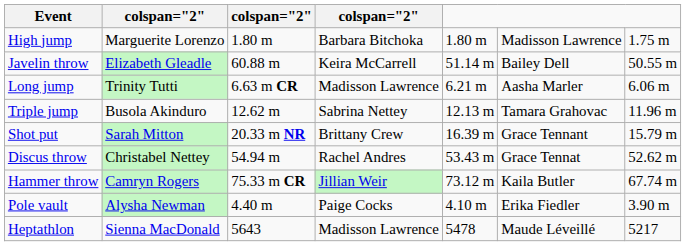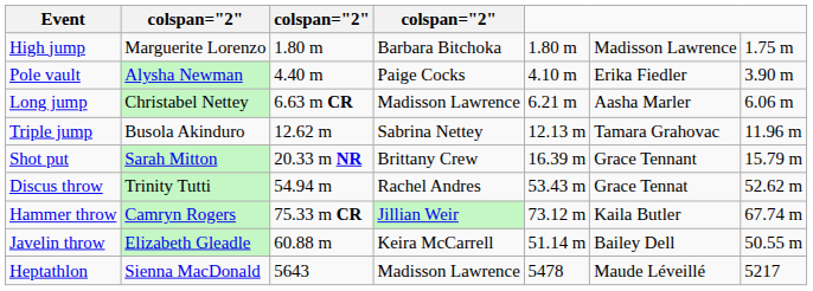 <table class="wikitable">
 <tr>
 <th>Event</th>
 <th>colspan="2" </th>
 <th>colspan="2" </th>
 <th>colspan="2" </th>
 </tr>
 <tr>
 <td><a href='#'>High jump</a></td>
 <td>Marguerite Lorenzo</td>
 <td>1.80 m</td>
 <td>Barbara Bitchoka</td>
 <td>1.80 m</td>
 <td>Madisson Lawrence</td>
 <td>1.75 m</td>
 </tr>
 <tr>
-<td><a href='#'>Javelin throw</a></td>
-<td bgcolor=#C4F7C4><a href='#'>Elizabeth Gleadle</a></td>
-<td>60.88 m</td>
-<td>Keira McCarrell</td>
-<td>51.14 m</td>
-<td>Bailey Dell</td>
-<td>50.55 m</td>
+<td><a href='#'>Pole vault</a></td>
+<td bgcolor=#C4F7C4><a href='#'>Alysha Newman</a></td>
+<td>4.40 m</td>
+<td>Paige Cocks</td>
+<td>4.10 m</td>
+<td>Erika Fiedler</td>
+<td>3.90 m</td>
 </tr>
 <tr>
 <td><a href='#'>Long jump</a></td>
-<td bgcolor=#C4F7C4>Trinity Tutti</td>
+<td bgcolor=#C4F7C4>Christabel Nettey</td>
 <td>6.63 m <strong>CR</strong></td>
 <td>Madisson Lawrence</td>
 <td>6.21 m</td>
 <td>Aasha Marler</td>
 <td>6.06 m</td>
 </tr>
 <tr>
 <td><a href='#'>Triple jump</a></td>
 <td>Busola Akinduro</td>
 <td>12.62 m</td>
 <td>Sabrina Nettey</td>
 <td>12.13 m</td>
 <td>Tamara Grahovac</td>
 <td>11.96 m</td>
 </tr>
 <tr>
 <td><a href='#'>Shot put</a></td>
 <td bgcolor=#C4F7C4><a href='#'>Sarah Mitton</a></td>
 <td>20.33  m <strong><a href='#'>NR</a></strong></td>
 <td>Brittany Crew</td>
 <td>16.39 m</td>
 <td>Grace Tennant</td>
 <td>15.79 m</td>
 </tr>
 <tr>
 <td><a href='#'>Discus throw</a></td>
-<td bgcolor=#C4F7C4>Christabel Nettey</td>
+<td bgcolor=#C4F7C4>Trinity Tutti</td>
 <td>54.94 m</td>
 <td>Rachel Andres</td>
 <td>53.43 m</td>
 <td>Grace Tennat</td>
 <td>52.62 m</td>
 </tr>
 <tr>
 <td><a href='#'>Hammer throw</a></td>
 <td bgcolor=#C4F7C4><a href='#'>Camryn Rogers</a></td>
 <td>75.33 m <strong>CR</strong></td>
 <td bgcolor=#C4F7C4><a href='#'>Jillian Weir</a></td>
 <td>73.12 m</td>
 <td>Kaila Butler</td>
 <td>67.74 m</td>
 </tr>
 <tr>
-<td><a href='#'>Pole vault</a></td>
-<td bgcolor=#C4F7C4><a href='#'>Alysha Newman</a></td>
-<td>4.40 m</td>
-<td>Paige Cocks</td>
-<td>4.10 m</td>
-<td>Erika Fiedler</td>
-<td>3.90 m</td>
+<td><a href='#'>Javelin throw</a></td>
+<td bgcolor=#C4F7C4><a href='#'>Elizabeth Gleadle</a></td>
+<td>60.88 m</td>
+<td>Keira McCarrell</td>
+<td>51.14 m</td>
+<td>Bailey Dell</td>
+<td>50.55 m</td>
 </tr>
 <tr>
 <td><a href='#'>Heptathlon</a></td>
 <td><a href='#'>Sienna MacDonald</a></td>
 <td>5643</td>
 <td>Madisson Lawrence</td>
 <td>5478</td>
 <td>Maude Léveillé</td>
 <td>5217</td>
 </tr>
 </table>
